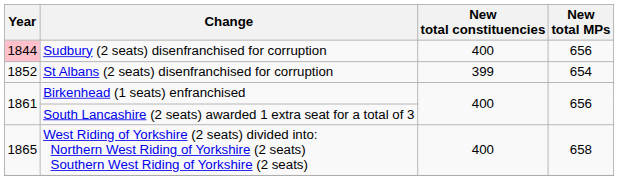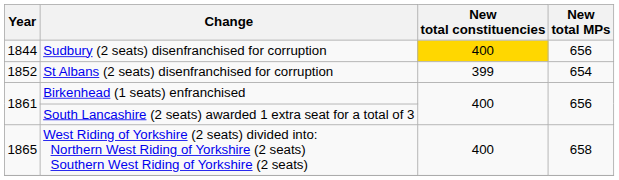 <table class = "wikitable">
 <tr>
 <th>Year</th>
 <th>Change</th>
 <th>New<br>total constituencies</th>
 <th>New<br>total MPs</th>
 </tr>
 <tr align="center">
-<td style="background: pink;">1844</td>
+<td>1844</td>
 <td align="left"><a href='#'>Sudbury</a> (2 seats) disenfranchised for corruption</td>
-<td>400</td>
+<td style="background: gold;">400</td>
 <td>656</td>
 </tr>
 <tr align="center">
 <td>1852</td>
 <td align="left"><a href='#'>St Albans</a> (2 seats) disenfranchised for corruption</td>
 <td>399</td>
 <td>654</td>
 </tr>
 <tr align="center">
 <td rowspan="2">1861</td>
 <td align="left"><a href='#'>Birkenhead</a> (1 seats) enfranchised</td>
 <td rowspan="2">400</td>
 <td rowspan="2">656</td>
 </tr>
 <tr align="center">
 <td align="left"><a href='#'>South Lancashire</a> (2 seats) awarded 1 extra seat for a total of 3</td>
 </tr>
 <tr align="center">
 <td>1865</td>
 <td align="left"><a href='#'>West Riding of Yorkshire</a> (2 seats) divided into:<br>  <a href='#'>Northern West Riding of Yorkshire</a> (2 seats)<br>  <a href='#'>Southern West Riding of Yorkshire</a> (2 seats)</td>
 <td>400</td>
 <td>658</td>
 </tr>
 <tr>
 </tr>
 </table>
